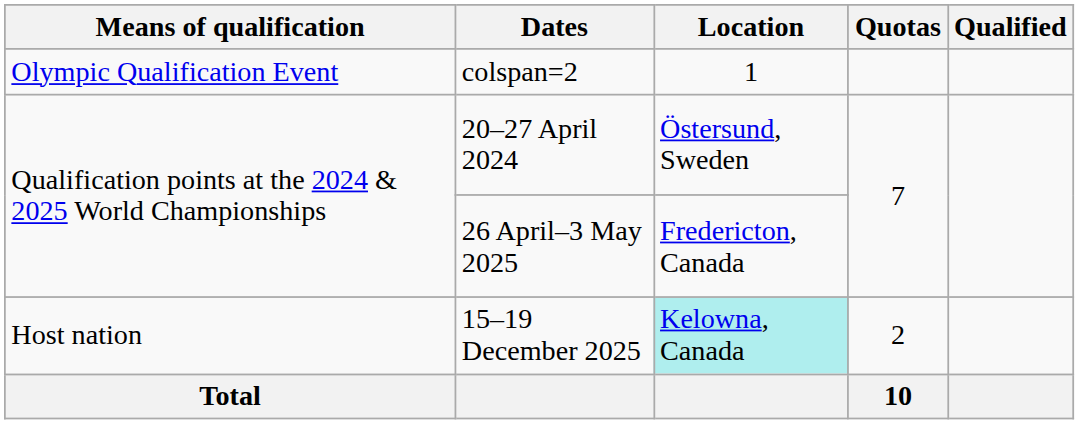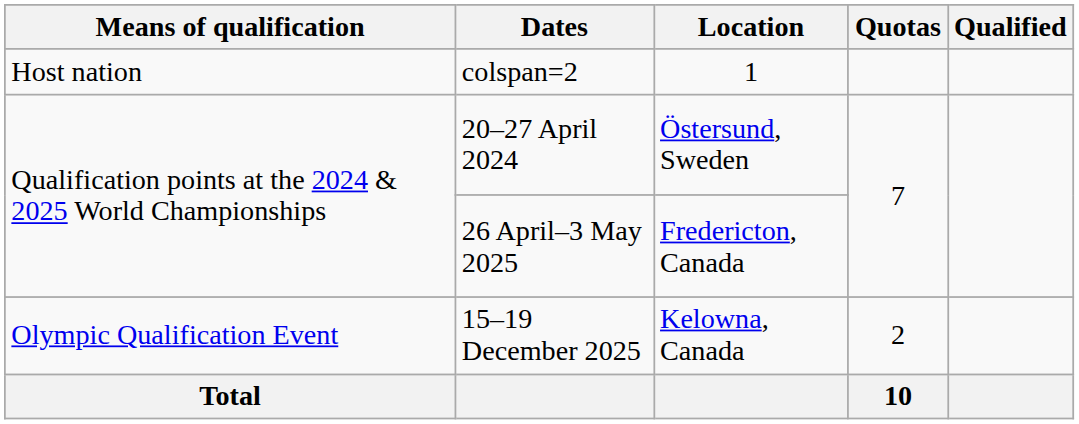 <table class="wikitable">
 <tr>
 <th>Means of qualification</th>
 <th>Dates</th>
 <th>Location</th>
 <th>Quotas</th>
 <th>Qualified</th>
 </tr>
 <tr>
-<td><a href='#'>Olympic Qualification Event</a></td>
+<td>Host nation</td>
 <td>colspan=2 </td>
 <td align=center>1</td>
 <td></td>
 </tr>
 <tr>
 <td rowspan=2>Qualification points at the <a href='#'>2024</a> & <a href='#'>2025</a> World Championships</td>
 <td>20–27 April 2024</td>
 <td> <a href='#'>Östersund</a>, Sweden</td>
 <td align=center rowspan=2>7</td>
 <td rowspan=2><br><br><br><br><br><br></td>
 </tr>
 <tr>
 <td>26 April–3 May 2025</td>
 <td> <a href='#'>Fredericton</a>, Canada</td>
 </tr>
 <tr>
-<td>Host nation</td>
+<td><a href='#'>Olympic Qualification Event</a></td>
 <td>15–19 December 2025</td>
-<td style="background: paleturquoise;"> <a href='#'>Kelowna</a>, Canada</td>
+<td> <a href='#'>Kelowna</a>, Canada</td>
 <td align=center>2</td>
 <td></td>
 </tr>
 <tr>
 <th>Total</th>
 <th></th>
 <th></th>
 <th>10</th>
 <th></th>
 </tr>
 </table>
